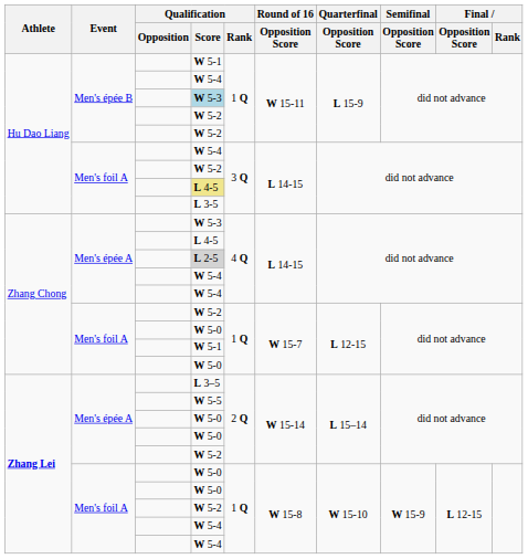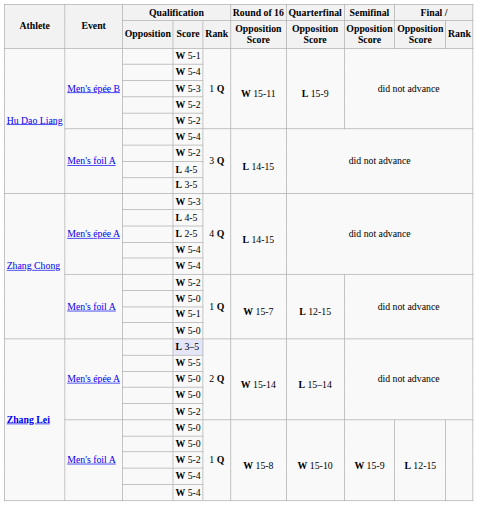 <table class=wikitable style="font-size:90%">
 <tr>
 <th rowspan="2">Athlete</th>
 <th rowspan="2">Event</th>
 <th colspan="3">Qualification</th>
 <th>Round of 16</th>
 <th>Quarterfinal</th>
 <th>Semifinal</th>
 <th colspan="2">Final / </th>
 </tr>
 <tr>
 <th>Opposition</th>
 <th>Score</th>
 <th>Rank</th>
 <th>Opposition<br>Score</th>
 <th>Opposition<br>Score</th>
 <th>Opposition<br>Score</th>
 <th>Opposition<br>Score</th>
 <th>Rank</th>
 </tr>
 <tr>
 <td rowspan=9><a href='#'>Hu Dao Liang</a></td>
 <td rowspan=5><a href='#'>Men's épée B</a></td>
 <td></td>
 <td><strong>W</strong> 5-1</td>
 <td align="center" rowspan=5>1 <strong>Q</strong></td>
 <td align="center" rowspan=5><br><strong>W</strong> 15-11</td>
 <td align="center" rowspan=5><br><strong>L</strong> 15-9</td>
 <td align="center" rowspan=5 colspan=3>did not advance</td>
 </tr>
 <tr>
 <td></td>
 <td><strong>W</strong> 5-4</td>
 </tr>
 <tr>
 <td></td>
-<td style="background: lightblue;"><strong>W</strong> 5-3</td>
+<td><strong>W</strong> 5-3</td>
 </tr>
 <tr>
 <td></td>
 <td><strong>W</strong> 5-2</td>
 </tr>
 <tr>
 <td></td>
 <td><strong>W</strong> 5-2</td>
 </tr>
 <tr>
 <td rowspan=4><a href='#'>Men's foil A</a></td>
 <td></td>
 <td><strong>W</strong> 5-4</td>
 <td align="center" rowspan=4>3 <strong>Q</strong></td>
 <td align="center" rowspan=4><br><strong>L</strong> 14-15</td>
 <td align="center" rowspan=4 colspan=4>did not advance</td>
 </tr>
 <tr>
 <td></td>
 <td><strong>W</strong> 5-2</td>
 </tr>
 <tr>
 <td></td>
-<td style="background: khaki;"><strong>L</strong> 4-5</td>
+<td><strong>L</strong> 4-5</td>
 </tr>
 <tr>
 <td></td>
 <td><strong>L</strong> 3-5</td>
 </tr>
 <tr>
 <td rowspan=9><a href='#'>Zhang Chong</a></td>
 <td rowspan=5><a href='#'>Men's épée A</a></td>
 <td></td>
 <td><strong>W</strong> 5-3</td>
 <td align="center" rowspan=5>4 <strong>Q</strong></td>
 <td align="center" rowspan=5><br><strong>L</strong> 14-15</td>
 <td align="center" rowspan=5 colspan=4>did not advance</td>
 </tr>
 <tr>
 <td></td>
 <td><strong>L</strong> 4-5</td>
 </tr>
 <tr>
 <td></td>
-<td style="background: lightgrey;"><strong>L</strong> 2-5</td>
+<td><strong>L</strong> 2-5</td>
 </tr>
 <tr>
 <td></td>
 <td><strong>W</strong> 5-4</td>
 </tr>
 <tr>
 <td></td>
 <td><strong>W</strong> 5-4</td>
 </tr>
 <tr>
 <td rowspan=4><a href='#'>Men's foil A</a></td>
 <td></td>
 <td><strong>W</strong> 5-2</td>
 <td align="center" rowspan=4>1 <strong>Q</strong></td>
 <td align="center" rowspan=4><br><strong>W</strong> 15-7</td>
 <td align="center" rowspan=4><br><strong>L</strong> 12-15</td>
 <td align="center" rowspan=4 colspan=3>did not advance</td>
 </tr>
 <tr>
 <td></td>
 <td><strong>W</strong> 5-0</td>
 </tr>
 <tr>
 <td></td>
 <td><strong>W</strong> 5-1</td>
 </tr>
 <tr>
 <td></td>
 <td><strong>W</strong> 5-0</td>
 </tr>
 <tr>
 <td rowspan=10><strong><a href='#'>Zhang Lei</a></strong></td>
 <td rowspan=5><a href='#'>Men's épée A</a></td>
 <td></td>
-<td><strong>L</strong> 3–5</td>
+<td style="background: lavender;"><strong>L</strong> 3–5</td>
 <td align="center" rowspan=5>2 <strong>Q</strong></td>
 <td align="center" rowspan=5><br><strong>W</strong> 15-14</td>
 <td align="center" rowspan=5><br><strong>L</strong> 15–14</td>
 <td align="center" rowspan=5 colspan=3>did not advance</td>
 </tr>
 <tr>
 <td></td>
 <td><strong>W</strong> 5-5</td>
 </tr>
 <tr>
 <td></td>
 <td><strong>W</strong> 5-0</td>
 </tr>
 <tr>
 <td></td>
 <td><strong>W</strong> 5-0</td>
 </tr>
 <tr>
 <td></td>
 <td><strong>W</strong> 5-2</td>
 </tr>
 <tr>
 <td rowspan=5><a href='#'>Men's foil A</a></td>
 <td></td>
 <td><strong>W</strong> 5-0</td>
 <td align="center" rowspan=5>1 <strong>Q</strong></td>
 <td align="center" rowspan=5><br><strong>W</strong> 15-8</td>
 <td align="center" rowspan=5><br><strong>W</strong> 15-10</td>
 <td align="center" rowspan=5><br><strong>W</strong> 15-9</td>
 <td align="center" rowspan=5><br><strong>L</strong> 12-15</td>
 <td align="center" rowspan=5></td>
 </tr>
 <tr>
 <td></td>
 <td><strong>W</strong> 5-0</td>
 </tr>
 <tr>
 <td></td>
 <td><strong>W</strong> 5-2</td>
 </tr>
 <tr>
 <td></td>
 <td><strong>W</strong> 5-4</td>
 </tr>
 <tr>
 <td></td>
 <td><strong>W</strong> 5-4</td>
 </tr>
 </table>
